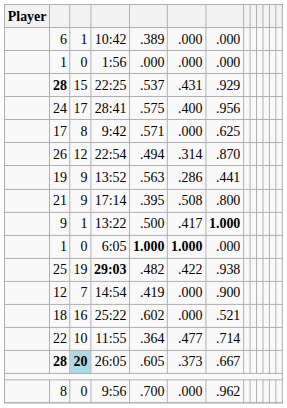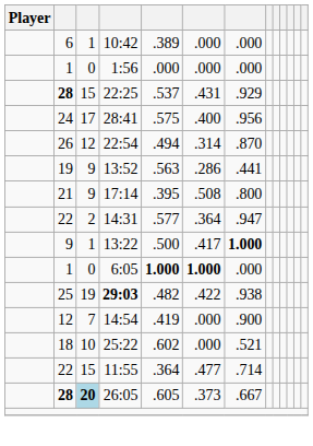 <table class="wikitable sortable" style="font-size:95%; text-align:right;">
 <tr>
 <th>Player</th>
 <th></th>
 <th></th>
 <th></th>
 <th></th>
 <th></th>
 <th></th>
 <th></th>
 <th></th>
 <th></th>
 <th></th>
 <th></th>
 <th></th>
 </tr>
 <tr>
 <td><strong></strong></td>
 <td>6</td>
 <td>1</td>
 <td>10:42</td>
 <td>.389</td>
 <td>.000</td>
 <td>.000</td>
 <td></td>
 <td></td>
 <td></td>
 <td></td>
 <td></td>
 <td></td>
 </tr>
 <tr>
 <td><strong></strong></td>
 <td>1</td>
 <td>0</td>
 <td>1:56</td>
 <td>.000</td>
 <td>.000</td>
 <td>.000</td>
 <td></td>
 <td></td>
 <td></td>
 <td></td>
 <td></td>
 <td></td>
 </tr>
 <tr>
 <td><strong></strong></td>
 <td><strong>28</strong></td>
 <td>15</td>
 <td>22:25</td>
 <td>.537</td>
 <td>.431</td>
 <td>.929</td>
 <td></td>
 <td></td>
 <td></td>
 <td></td>
 <td></td>
 <td></td>
 </tr>
 <tr>
 <td><strong></strong></td>
 <td>24</td>
 <td>17</td>
 <td>28:41</td>
 <td>.575</td>
 <td>.400</td>
 <td>.956</td>
 <td></td>
 <td></td>
 <td></td>
 <td></td>
 <td><strong></strong></td>
 <td><strong></strong></td>
 </tr>
 <tr>
 <td><strong></strong></td>
-<td>17</td>
-<td>8</td>
-<td>9:42</td>
-<td>.571</td>
-<td>.000</td>
-<td>.625</td>
-<td></td>
-<td></td>
-<td></td>
-<td></td>
-<td></td>
-<td></td>
-</tr>
-<tr>
-<td><strong></strong></td>
 <td>26</td>
 <td>12</td>
 <td>22:54</td>
 <td>.494</td>
 <td>.314</td>
 <td>.870</td>
 <td></td>
 <td></td>
 <td></td>
 <td></td>
 <td></td>
 <td></td>
 </tr>
 <tr>
 <td><strong></strong></td>
 <td>19</td>
 <td>9</td>
 <td>13:52</td>
 <td>.563</td>
 <td>.286</td>
 <td>.441</td>
 <td></td>
 <td></td>
 <td></td>
 <td></td>
 <td></td>
 <td></td>
 </tr>
 <tr>
 <td><strong></strong></td>
 <td>21</td>
 <td>9</td>
 <td>17:14</td>
 <td>.395</td>
 <td>.508</td>
 <td>.800</td>
+<td></td>
+<td></td>
+<td></td>
+<td></td>
+<td></td>
+<td></td>
+</tr>
+<tr>
+<td><strong></strong></td>
+<td>22</td>
+<td>2</td>
+<td>14:31</td>
+<td>.577</td>
+<td>.364</td>
+<td>.947</td>
 <td></td>
 <td></td>
 <td></td>
 <td></td>
 <td></td>
 <td></td>
 </tr>
 <tr>
 <td><strong></strong></td>
 <td>9</td>
 <td>1</td>
 <td>13:22</td>
 <td>.500</td>
 <td>.417</td>
 <td><strong>1.000</strong></td>
 <td></td>
 <td></td>
 <td></td>
 <td></td>
 <td></td>
 <td></td>
 </tr>
 <tr>
 <td><strong></strong></td>
 <td>1</td>
 <td>0</td>
 <td>6:05</td>
 <td><strong>1.000</strong></td>
 <td><strong>1.000</strong></td>
 <td>.000</td>
 <td></td>
 <td></td>
 <td></td>
 <td></td>
 <td></td>
 <td></td>
 </tr>
 <tr>
 <td><strong></strong></td>
 <td>25</td>
 <td>19</td>
 <td><strong>29:03</strong></td>
 <td>.482</td>
 <td>.422</td>
 <td>.938</td>
 <td></td>
 <td><strong></strong></td>
 <td></td>
 <td></td>
 <td></td>
 <td></td>
 </tr>
 <tr>
 <td><strong></strong></td>
 <td>12</td>
 <td>7</td>
 <td>14:54</td>
 <td>.419</td>
 <td>.000</td>
 <td>.900</td>
 <td></td>
 <td></td>
 <td></td>
 <td></td>
 <td></td>
 <td></td>
 </tr>
 <tr>
 <td><strong></strong></td>
 <td>18</td>
-<td>16</td>
+<td>10</td>
 <td>25:22</td>
 <td>.602</td>
 <td>.000</td>
 <td>.521</td>
 <td><strong></strong></td>
 <td></td>
 <td><strong></strong></td>
 <td><strong></strong></td>
 <td></td>
 <td></td>
 </tr>
 <tr>
 <td><strong></strong></td>
 <td>22</td>
-<td>10</td>
+<td>15</td>
 <td>11:55</td>
 <td>.364</td>
 <td>.477</td>
 <td>.714</td>
 <td></td>
 <td></td>
 <td></td>
 <td></td>
 <td></td>
 <td></td>
 </tr>
 <tr>
 <td><strong></strong></td>
 <td><strong>28</strong></td>
 <td style="background: lightblue;"><strong>20</strong></td>
 <td>26:05</td>
 <td>.605</td>
 <td>.373</td>
 <td>.667</td>
 <td></td>
 <td></td>
 <td></td>
 <td></td>
 <td></td>
 <td></td>
 </tr>
 <tr class="sortbottom">
 <td colspan=13></td>
 </tr>
 <tr>
-<td><em></em></td>
-<td>8</td>
-<td>0</td>
-<td>9:56</td>
-<td>.700</td>
-<td>.000</td>
-<td>.962</td>
-<td></td>
-<td></td>
-<td></td>
-<td></td>
-<td></td>
-<td></td>
-</tr>
-<tr>
 </tr>
 </table>
